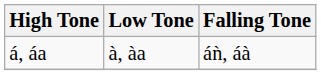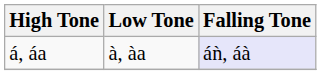 <table class="wikitable">
 <tr>
 <th>High Tone</th>
 <th>Low Tone</th>
 <th>Falling Tone</th>
 </tr>
 <tr>
 <td>á, áa</td>
 <td>à, àa</td>
-<td>áǹ, áà</td>
+<td style="background: lavender;">áǹ, áà</td>
 </tr>
 <tr>
 </tr>
 </table>
